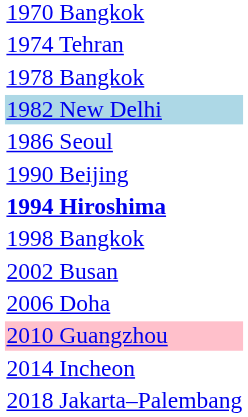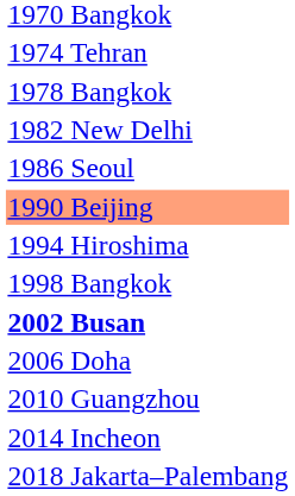 <table>
 <tr>
 <td><a href='#'>1970 Bangkok</a></td>
 <td></td>
 <td></td>
 <td></td>
 </tr>
 <tr>
 <td><a href='#'>1974 Tehran</a></td>
 <td></td>
 <td></td>
 <td></td>
 </tr>
 <tr>
 <td><a href='#'>1978 Bangkok</a></td>
 <td></td>
 <td></td>
 <td></td>
 </tr>
 <tr>
-<td style="background: lightblue;"><a href='#'>1982 New Delhi</a></td>
+<td><a href='#'>1982 New Delhi</a></td>
 <td></td>
 <td></td>
 <td></td>
 </tr>
 <tr>
 <td><a href='#'>1986 Seoul</a></td>
 <td></td>
 <td></td>
 <td></td>
 </tr>
 <tr>
-<td><a href='#'>1990 Beijing</a></td>
+<td style="background: lightsalmon;"><a href='#'>1990 Beijing</a></td>
 <td></td>
 <td></td>
 <td></td>
 </tr>
 <tr>
-<td><strong><a href='#'>1994 Hiroshima</a></strong></td>
+<td><a href='#'>1994 Hiroshima</a></td>
 <td></td>
 <td></td>
 <td></td>
 </tr>
 <tr>
 <td><a href='#'>1998 Bangkok</a></td>
 <td></td>
 <td></td>
 <td></td>
 </tr>
 <tr>
-<td><a href='#'>2002 Busan</a></td>
+<td><strong><a href='#'>2002 Busan</a></strong></td>
 <td></td>
 <td></td>
 <td></td>
 </tr>
 <tr>
 <td><a href='#'>2006 Doha</a></td>
 <td></td>
 <td></td>
 <td></td>
 </tr>
 <tr>
-<td style="background: pink;"><a href='#'>2010 Guangzhou</a></td>
+<td><a href='#'>2010 Guangzhou</a></td>
 <td></td>
 <td></td>
 <td></td>
 </tr>
 <tr>
 <td><a href='#'>2014 Incheon</a></td>
 <td></td>
 <td></td>
 <td></td>
 </tr>
 <tr>
 <td><a href='#'>2018 Jakarta–Palembang</a></td>
 <td></td>
 <td></td>
 <td></td>
 </tr>
 </table>
